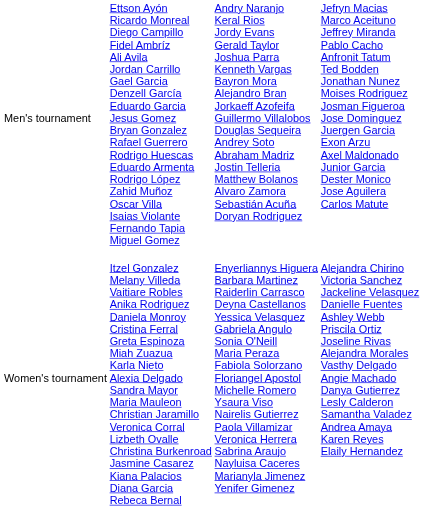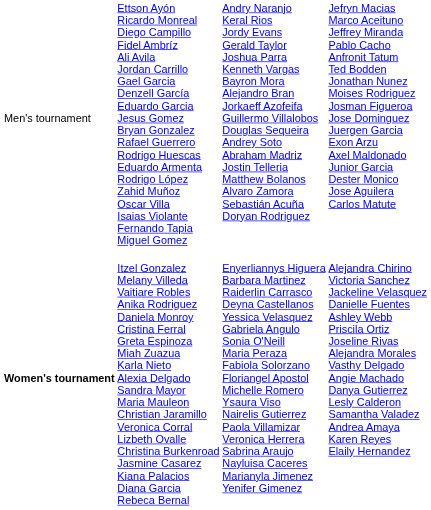 <table>
 <tr>
 <td>Men's tournament</td>
 <td><br><a href='#'>Ettson Ayón</a><br><a href='#'>Ricardo Monreal</a><br><a href='#'>Diego Campillo</a><br><a href='#'>Fidel Ambríz</a><br><a href='#'>Ali Avila</a><br><a href='#'>Jordan Carrillo</a><br><a href='#'>Gael Garcia</a><br><a href='#'>Denzell García</a><br><a href='#'>Eduardo Garcia</a><br><a href='#'>Jesus Gomez</a><br><a href='#'>Bryan Gonzalez</a><br><a href='#'>Rafael Guerrero</a><br><a href='#'>Rodrigo Huescas</a><br><a href='#'>Eduardo Armenta</a><br><a href='#'>Rodrigo López</a><br><a href='#'>Zahid Muñoz</a><br><a href='#'>Oscar Villa</a><br><a href='#'>Isaias Violante</a><br><a href='#'>Fernando Tapia</a><br><a href='#'>Miguel Gomez</a></td>
 <td valign=top><br><a href='#'>Andry Naranjo</a><br><a href='#'>Keral Rios</a><br><a href='#'>Jordy Evans</a><br><a href='#'>Gerald Taylor</a><br><a href='#'>Joshua Parra</a><br><a href='#'>Kenneth Vargas</a><br><a href='#'>Bayron Mora</a><br><a href='#'>Alejandro Bran</a><br><a href='#'>Jorkaeff Azofeifa</a><br><a href='#'>Guillermo Villalobos</a><br><a href='#'>Douglas Sequeira</a><br><a href='#'>Andrey Soto</a><br><a href='#'>Abraham Madriz</a><br><a href='#'>Jostin Telleria</a><br><a href='#'>Matthew Bolanos</a><br><a href='#'>Alvaro Zamora</a><br><a href='#'>Sebastián Acuña</a><br><a href='#'>Doryan Rodriguez</a></td>
 <td valign=top><br><a href='#'>Jefryn Macias</a><br><a href='#'>Marco Aceituno</a><br><a href='#'>Jeffrey Miranda</a><br><a href='#'>Pablo Cacho</a><br><a href='#'>Anfronit Tatum</a><br><a href='#'>Ted Bodden</a><br><a href='#'>Jonathan Nunez</a><br><a href='#'>Moises Rodriguez</a><br><a href='#'>Josman Figueroa</a><br><a href='#'>Jose Dominguez</a><br><a href='#'>Juergen Garcia</a><br><a href='#'>Exon Arzu</a><br><a href='#'>Axel Maldonado</a><br><a href='#'>Junior Garcia</a><br><a href='#'>Dester Monico</a><br><a href='#'>Jose Aguilera</a><br><a href='#'>Carlos Matute</a></td>
 </tr>
 <tr>
-<td>Women's tournament</td>
+<td><strong>Women's tournament</strong></td>
 <td><br><a href='#'>Itzel Gonzalez</a><br><a href='#'>Melany Villeda</a><br><a href='#'>Vaitiare Robles</a><br><a href='#'>Anika Rodriguez</a><br><a href='#'>Daniela Monroy</a><br><a href='#'>Cristina Ferral</a><br><a href='#'>Greta Espinoza</a><br><a href='#'>Miah Zuazua</a><br><a href='#'>Karla Nieto</a><br><a href='#'>Alexia Delgado</a><br><a href='#'>Sandra Mayor</a><br><a href='#'>Maria Mauleon</a><br><a href='#'>Christian Jaramillo</a><br><a href='#'>Veronica Corral</a><br><a href='#'>Lizbeth Ovalle</a><br><a href='#'>Christina Burkenroad</a><br><a href='#'>Jasmine Casarez</a><br><a href='#'>Kiana Palacios</a><br><a href='#'>Diana Garcia</a><br><a href='#'>Rebeca Bernal</a></td>
 <td valign=top><br><a href='#'>Enyerliannys Higuera</a><br><a href='#'>Barbara Martinez</a><br><a href='#'>Raiderlin Carrasco</a><br><a href='#'>Deyna Castellanos</a><br><a href='#'>Yessica Velasquez</a><br><a href='#'>Gabriela Angulo</a><br><a href='#'>Sonia O'Neill</a><br><a href='#'>Maria Peraza</a><br><a href='#'>Fabiola Solorzano</a><br><a href='#'>Floriangel Apostol</a><br><a href='#'>Michelle Romero</a><br><a href='#'>Ysaura Viso</a><br><a href='#'>Nairelis Gutierrez</a><br><a href='#'>Paola Villamizar</a><br><a href='#'>Veronica Herrera</a><br><a href='#'>Sabrina Araujo</a><br><a href='#'>Nayluisa Caceres</a><br><a href='#'>Marianyla Jimenez</a><br><a href='#'>Yenifer Gimenez</a></td>
 <td valign=top><br><a href='#'>Alejandra Chirino</a><br><a href='#'>Victoria Sanchez</a><br><a href='#'>Jackeline Velasquez</a><br><a href='#'>Danielle Fuentes</a><br><a href='#'>Ashley Webb</a><br><a href='#'>Priscila Ortiz</a><br><a href='#'>Joseline Rivas</a><br><a href='#'>Alejandra Morales</a><br><a href='#'>Vasthy Delgado</a><br><a href='#'>Angie Machado</a><br><a href='#'>Danya Gutierrez</a><br><a href='#'>Lesly Calderon</a><br><a href='#'>Samantha Valadez</a><br><a href='#'>Andrea Amaya</a><br><a href='#'>Karen Reyes</a><br><a href='#'>Elaily Hernandez</a></td>
 </tr>
 </table>
